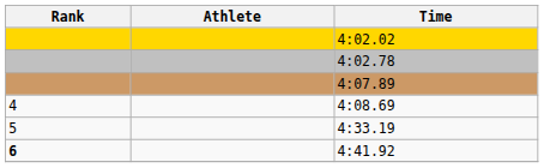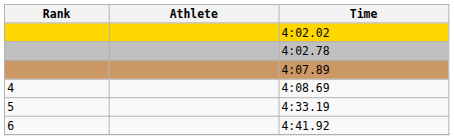 <table class="wikitable" width=40%>
 <tr>
 <th>Rank</th>
 <th>Athlete</th>
 <th>Time</th>
 </tr>
 <tr bgcolor=gold>
 <td></td>
 <td></td>
 <td>4:02.02</td>
 </tr>
 <tr bgcolor=silver>
 <td></td>
 <td></td>
 <td>4:02.78</td>
 </tr>
 <tr bgcolor=cc9966>
 <td></td>
 <td></td>
 <td>4:07.89</td>
 </tr>
 <tr>
 <td>4</td>
 <td></td>
 <td>4:08.69</td>
 </tr>
 <tr>
 <td>5</td>
 <td></td>
 <td>4:33.19</td>
 </tr>
 <tr>
-<td><strong>6</strong></td>
+<td>6</td>
 <td></td>
 <td>4:41.92</td>
 </tr>
 <tr>
 </tr>
 </table>
